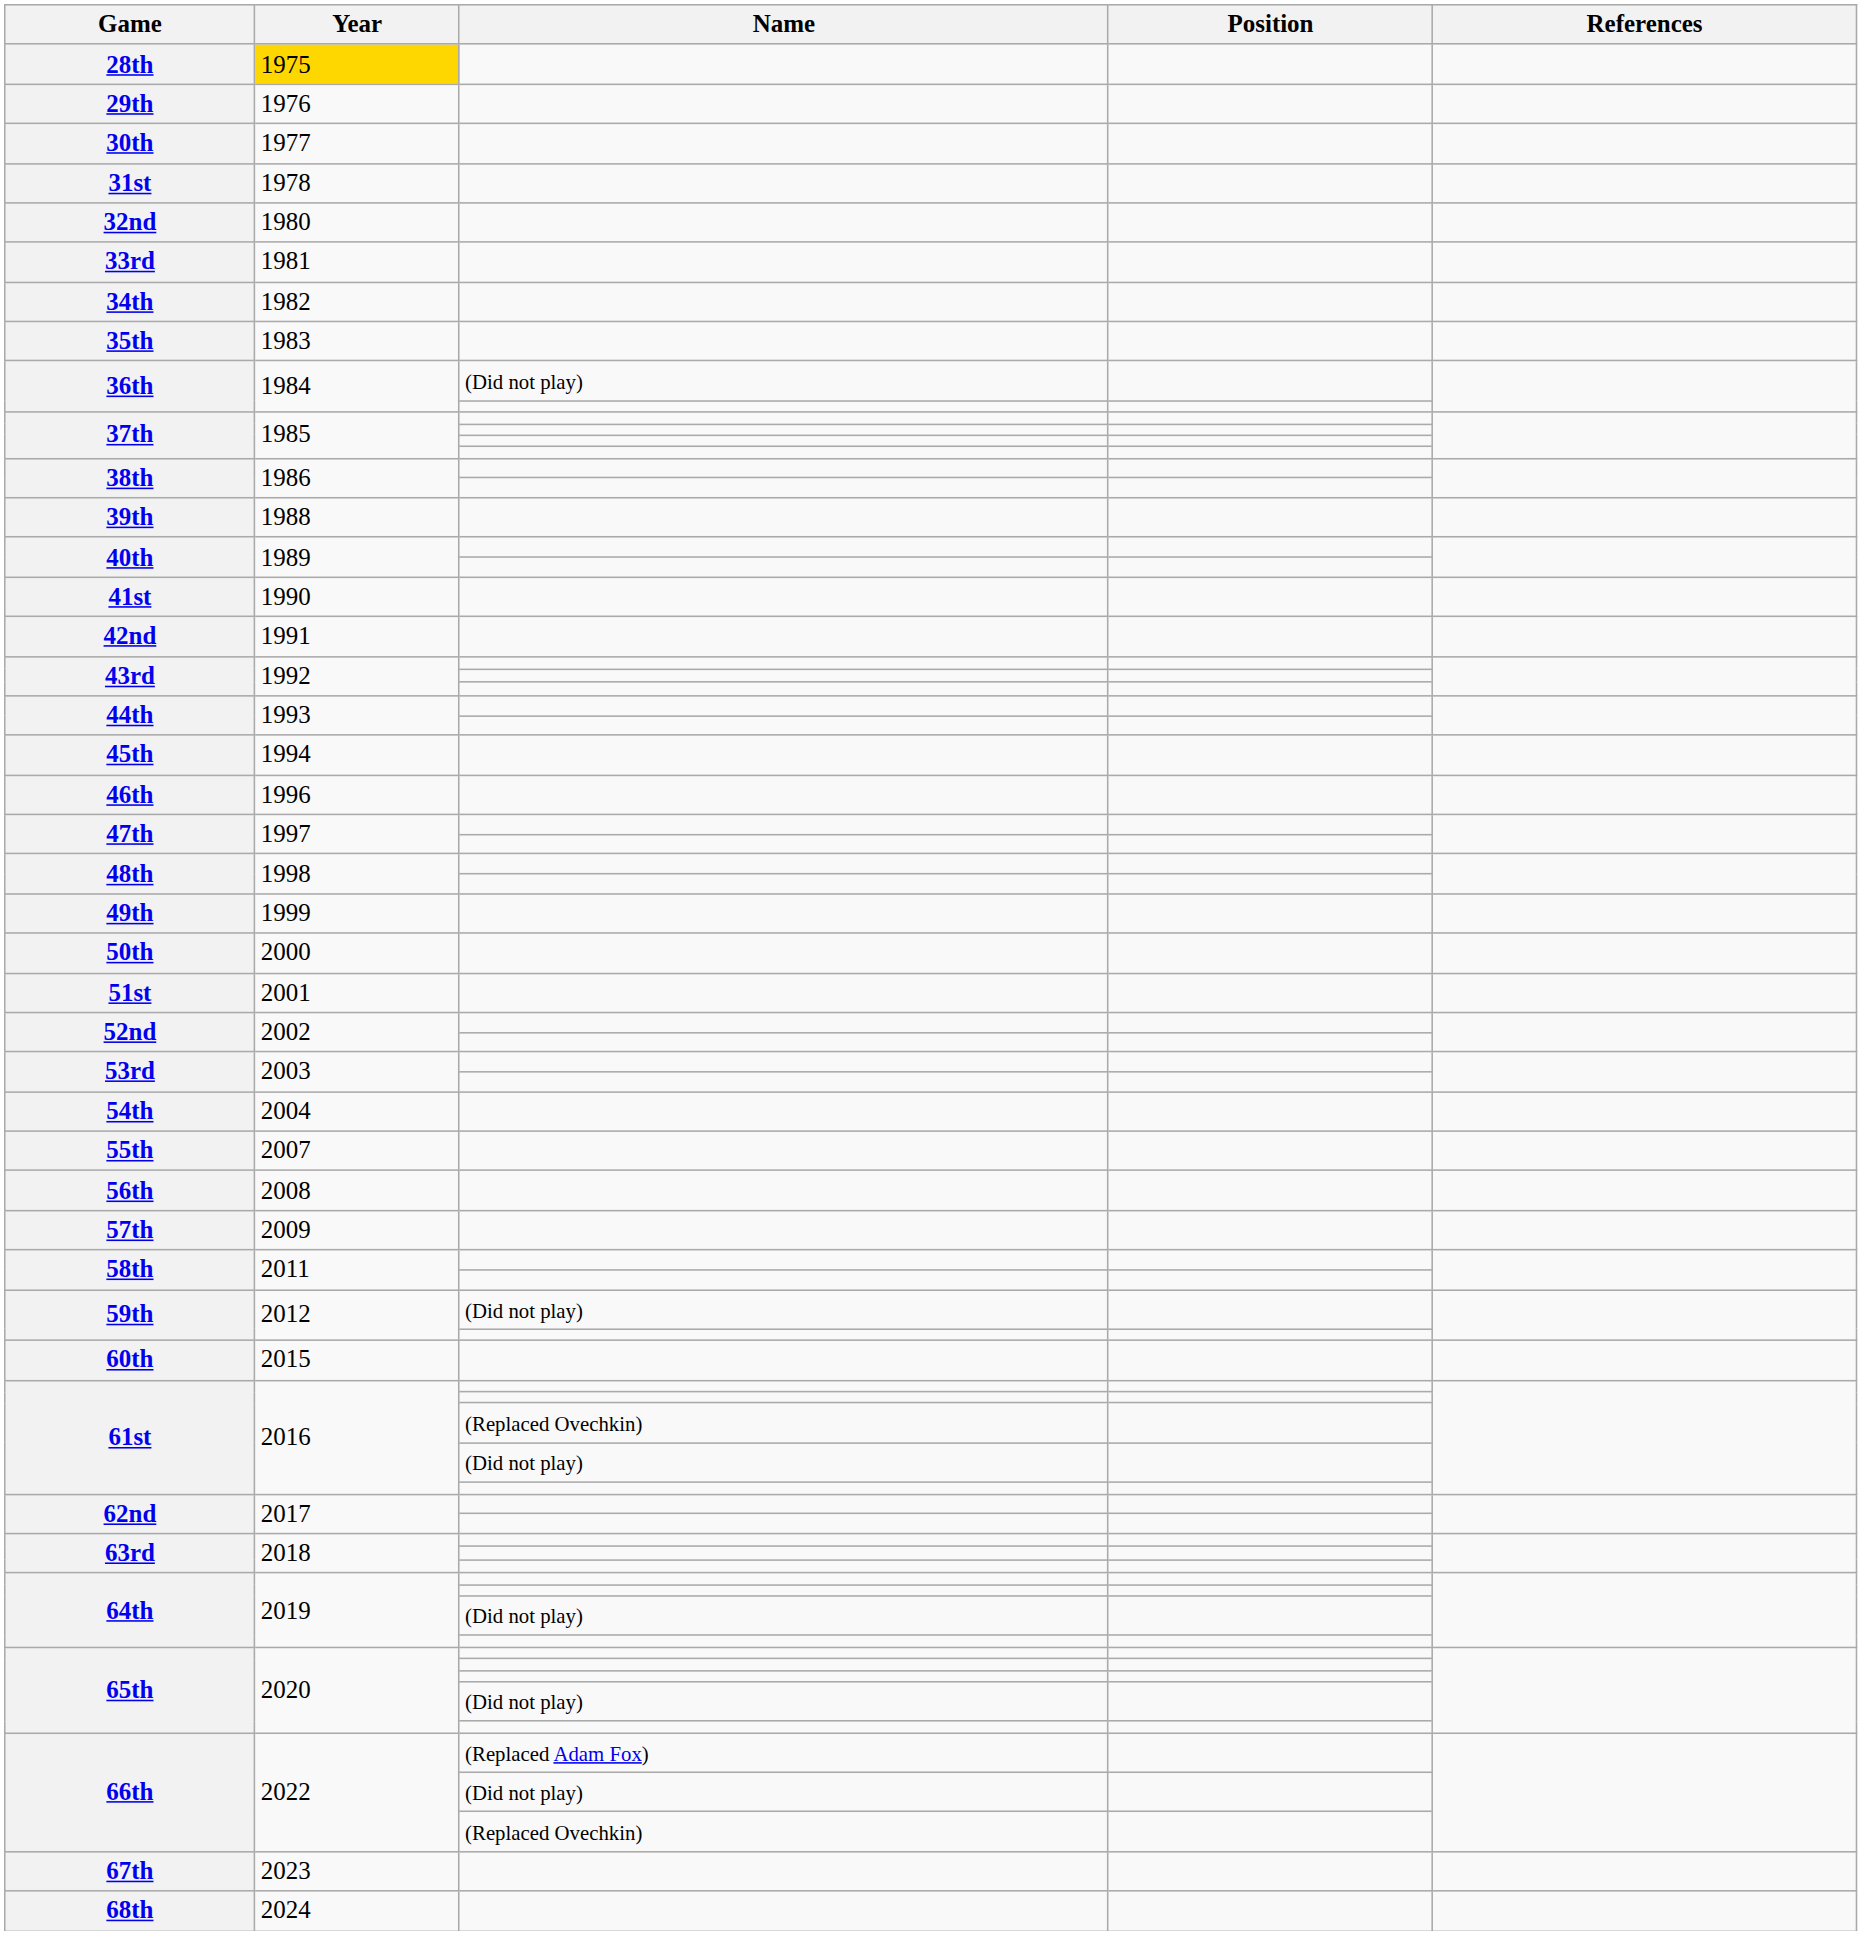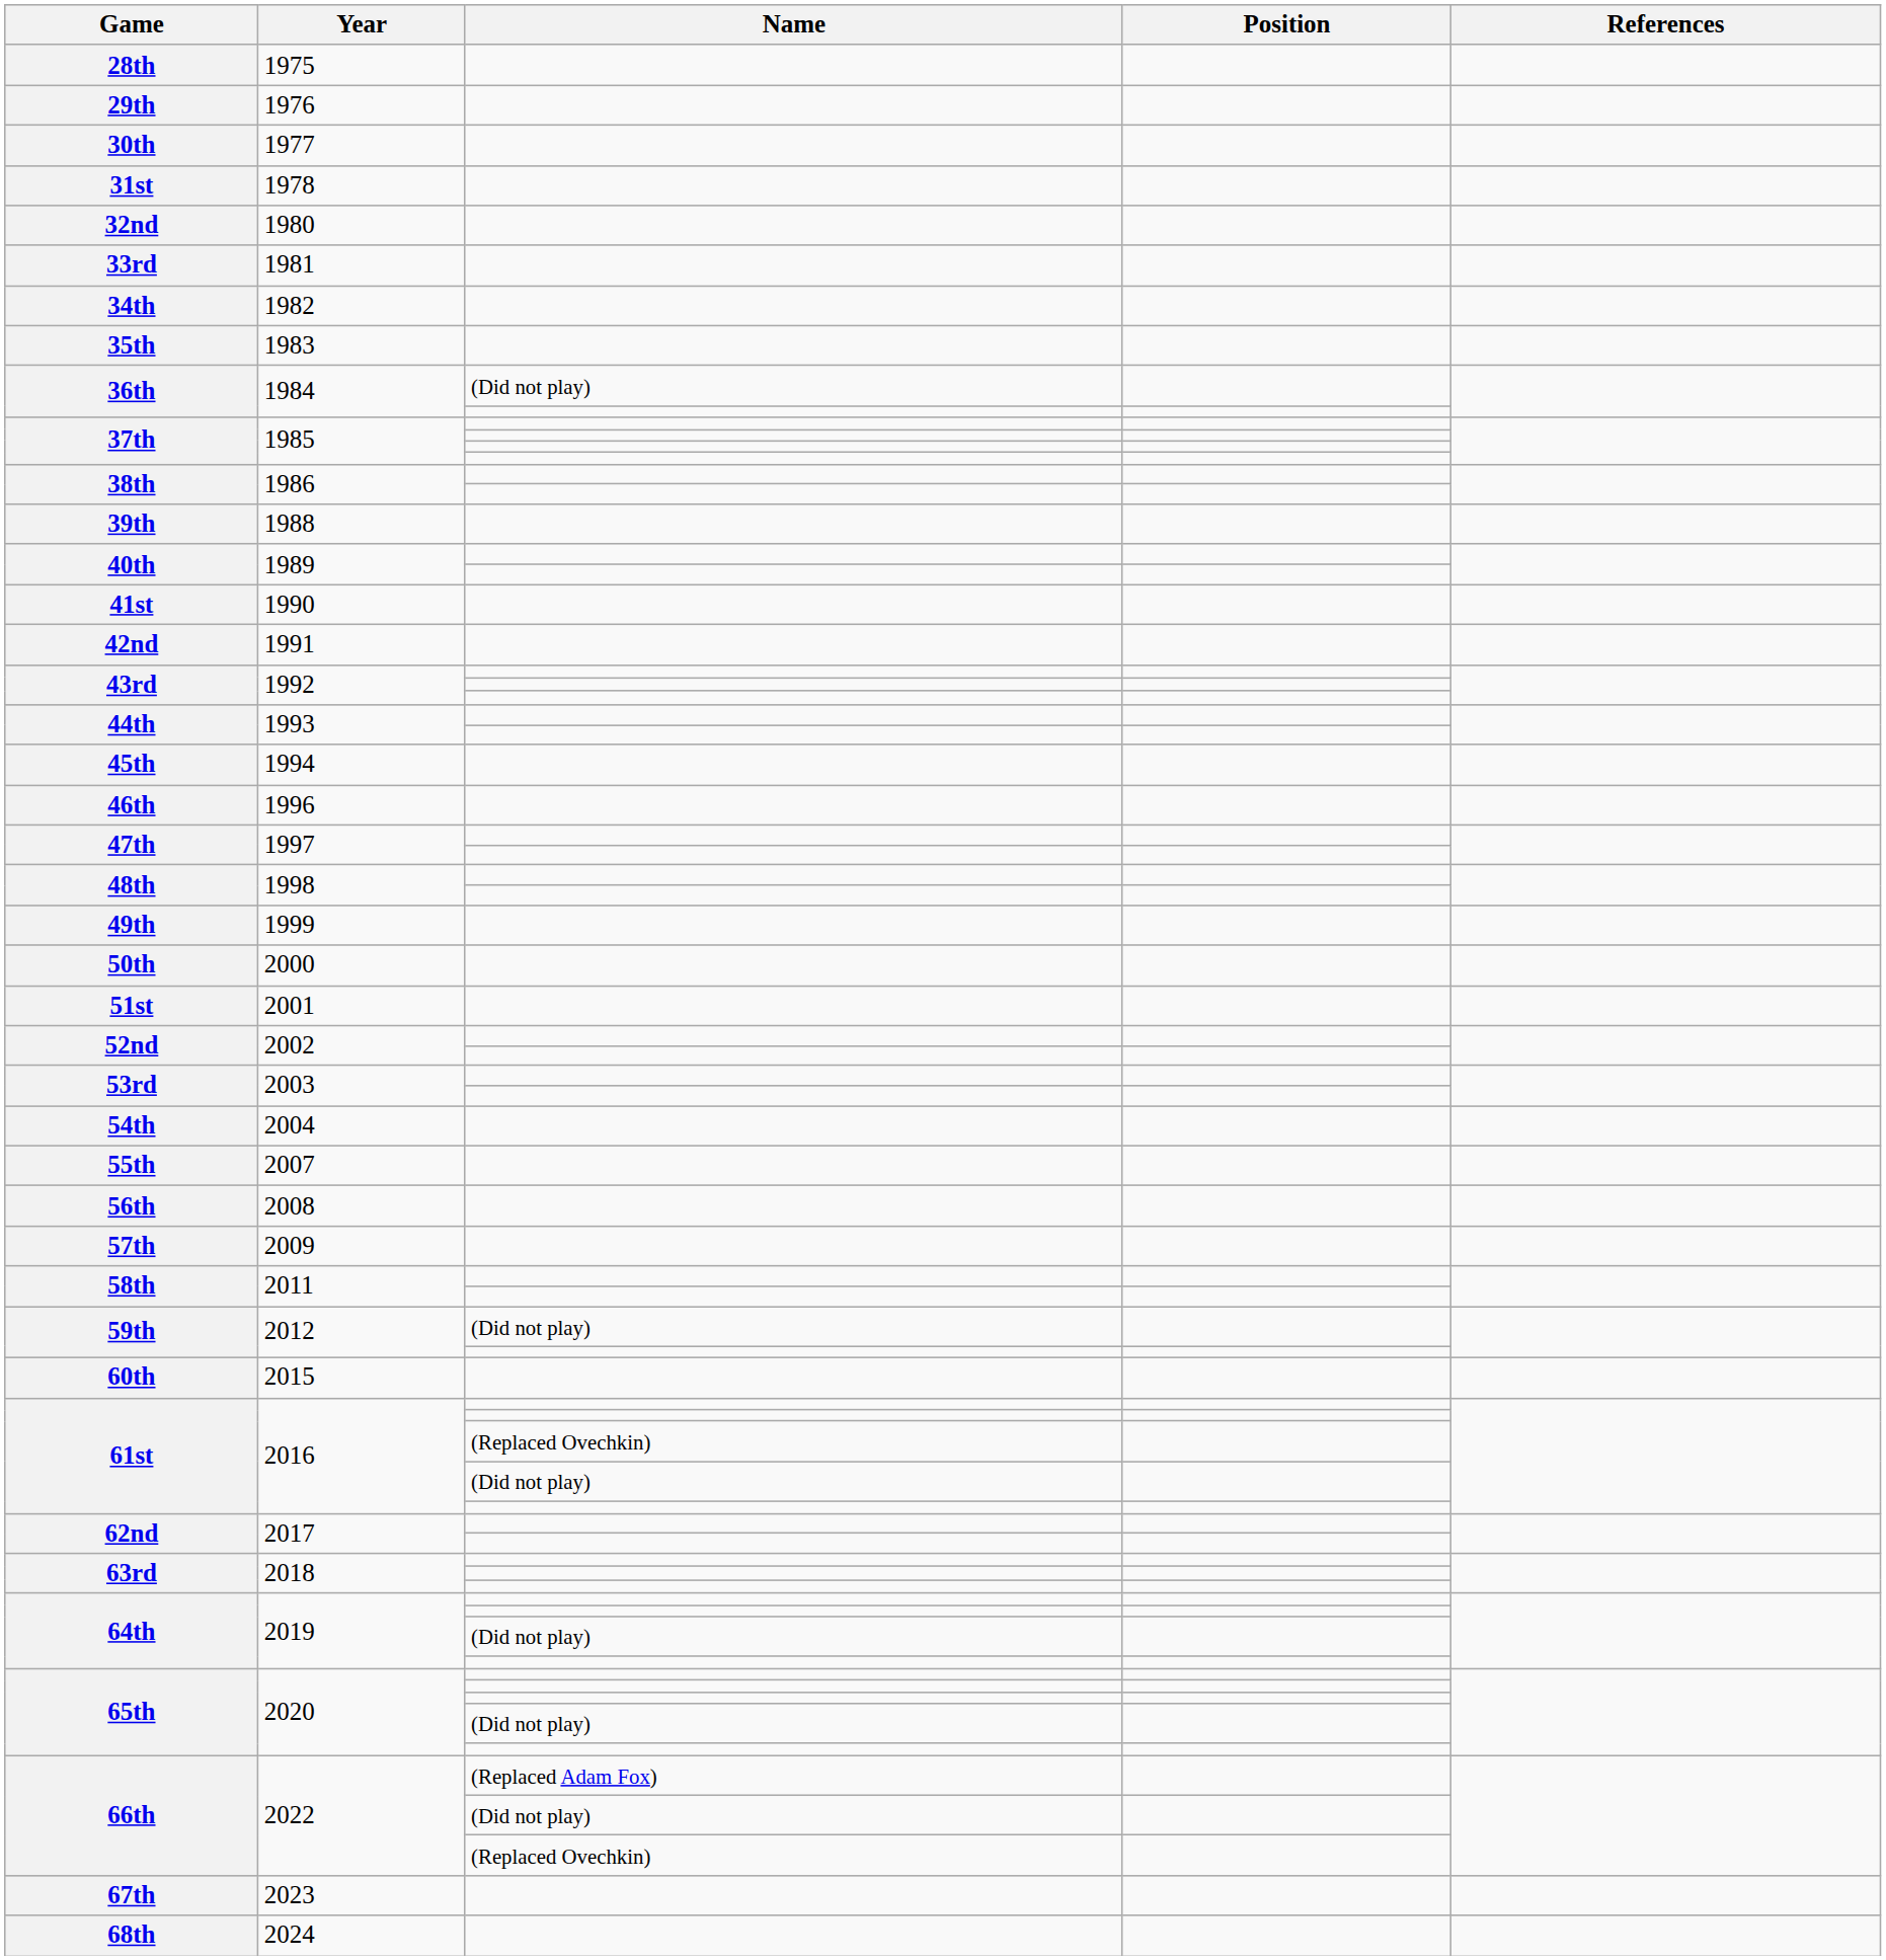 <table class="wikitable sortable" width="75%">
 <tr>
 <th scope="col">Game</th>
 <th scope="col">Year</th>
 <th scope="col">Name</th>
 <th scope="col">Position</th>
 <th scope="col" class="unsortable">References</th>
 </tr>
 <tr>
 <th scope="row"><a href='#'>28th</a></th>
-<td style="background: gold;">1975</td>
+<td>1975</td>
 <td></td>
 <td></td>
 <td></td>
 </tr>
 <tr>
 <th scope="row"><a href='#'>29th</a></th>
 <td>1976</td>
 <td></td>
 <td></td>
 <td></td>
 </tr>
 <tr>
 <th scope="row"><a href='#'>30th</a></th>
 <td>1977</td>
 <td></td>
 <td></td>
 <td></td>
 </tr>
 <tr>
 <th scope="row"><a href='#'>31st</a></th>
 <td>1978</td>
 <td></td>
 <td></td>
 <td></td>
 </tr>
 <tr>
 <th scope="row"><a href='#'>32nd</a></th>
 <td>1980</td>
 <td></td>
 <td></td>
 <td></td>
 </tr>
 <tr>
 <th scope="row"><a href='#'>33rd</a></th>
 <td>1981</td>
 <td></td>
 <td></td>
 <td></td>
 </tr>
 <tr>
 <th scope="row"><a href='#'>34th</a></th>
 <td>1982</td>
 <td></td>
 <td></td>
 <td></td>
 </tr>
 <tr>
 <th scope="row"><a href='#'>35th</a></th>
 <td>1983</td>
 <td></td>
 <td></td>
 <td></td>
 </tr>
 <tr>
 <th scope="row" rowspan="2"><a href='#'>36th</a></th>
 <td rowspan="2">1984</td>
 <td> <small>(Did not play)</small></td>
 <td></td>
 <td rowspan="2"></td>
 </tr>
 <tr>
 <td></td>
 <td></td>
 </tr>
 <tr>
 <th scope="row" rowspan="4"><a href='#'>37th</a></th>
 <td rowspan="4">1985</td>
 <td></td>
 <td></td>
 <td rowspan="4"></td>
 </tr>
 <tr>
 <td></td>
 <td></td>
 </tr>
 <tr>
 <td></td>
 <td></td>
 </tr>
 <tr>
 <td></td>
 <td></td>
 </tr>
 <tr>
 <th scope="row" rowspan="2"><a href='#'>38th</a></th>
 <td rowspan="2">1986</td>
 <td></td>
 <td></td>
 <td rowspan="2"></td>
 </tr>
 <tr>
 <td></td>
 <td></td>
 </tr>
 <tr>
 <th scope="row"><a href='#'>39th</a></th>
 <td>1988</td>
 <td></td>
 <td></td>
 <td></td>
 </tr>
 <tr>
 <th scope="row" rowspan="2"><a href='#'>40th</a></th>
 <td rowspan="2">1989</td>
 <td></td>
 <td></td>
 <td rowspan="2"></td>
 </tr>
 <tr>
 <td></td>
 <td></td>
 </tr>
 <tr>
 <th scope="row"><a href='#'>41st</a></th>
 <td>1990</td>
 <td></td>
 <td></td>
 <td></td>
 </tr>
 <tr>
 <th scope="row"><a href='#'>42nd</a></th>
 <td>1991</td>
 <td></td>
 <td></td>
 <td></td>
 </tr>
 <tr>
 <th scope="row" rowspan="3"><a href='#'>43rd</a></th>
 <td rowspan="3">1992</td>
 <td></td>
 <td></td>
 <td rowspan="3"></td>
 </tr>
 <tr>
 <td></td>
 <td></td>
 </tr>
 <tr>
 <td></td>
 <td></td>
 </tr>
 <tr>
 <th scope="row" rowspan="2"><a href='#'>44th</a></th>
 <td rowspan="2">1993</td>
 <td></td>
 <td></td>
 <td rowspan="2"></td>
 </tr>
 <tr>
 <td></td>
 <td></td>
 </tr>
 <tr>
 <th scope="row"><a href='#'>45th</a></th>
 <td>1994</td>
 <td></td>
 <td></td>
 <td></td>
 </tr>
 <tr>
 <th scope="row"><a href='#'>46th</a></th>
 <td>1996</td>
 <td></td>
 <td></td>
 <td></td>
 </tr>
 <tr>
 <th scope="row" rowspan="2"><a href='#'>47th</a></th>
 <td rowspan="2">1997</td>
 <td></td>
 <td></td>
 <td rowspan="2"></td>
 </tr>
 <tr>
 <td></td>
 <td></td>
 </tr>
 <tr>
 <th scope="row" rowspan="2"><a href='#'>48th</a></th>
 <td rowspan="2">1998</td>
 <td></td>
 <td></td>
 <td rowspan="2"></td>
 </tr>
 <tr>
 <td></td>
 <td></td>
 </tr>
 <tr>
 <th scope="row"><a href='#'>49th</a></th>
 <td>1999</td>
 <td></td>
 <td></td>
 <td></td>
 </tr>
 <tr>
 <th scope="row"><a href='#'>50th</a></th>
 <td>2000</td>
 <td></td>
 <td></td>
 <td></td>
 </tr>
 <tr>
 <th scope="row"><a href='#'>51st</a></th>
 <td>2001</td>
 <td></td>
 <td></td>
 <td></td>
 </tr>
 <tr>
 <th scope="row" rowspan="2"><a href='#'>52nd</a></th>
 <td rowspan="2">2002</td>
 <td></td>
 <td></td>
 <td rowspan="2"></td>
 </tr>
 <tr>
 <td></td>
 <td></td>
 </tr>
 <tr>
 <th scope="row" rowspan="2"><a href='#'>53rd</a></th>
 <td rowspan="2">2003</td>
 <td></td>
 <td></td>
 <td rowspan="2"></td>
 </tr>
 <tr>
 <td></td>
 <td></td>
 </tr>
 <tr>
 <th scope="row"><a href='#'>54th</a></th>
 <td>2004</td>
 <td></td>
 <td></td>
 <td></td>
 </tr>
 <tr>
 <th scope="row"><a href='#'>55th</a></th>
 <td>2007</td>
 <td></td>
 <td></td>
 <td></td>
 </tr>
 <tr>
 <th scope="row"><a href='#'>56th</a></th>
 <td>2008</td>
 <td></td>
 <td></td>
 <td></td>
 </tr>
 <tr>
 <th scope="row"><a href='#'>57th</a></th>
 <td>2009</td>
 <td></td>
 <td></td>
 <td></td>
 </tr>
 <tr>
 <th scope="row" rowspan="2"><a href='#'>58th</a></th>
 <td rowspan="2">2011</td>
 <td></td>
 <td></td>
 <td rowspan="2"></td>
 </tr>
 <tr>
 <td></td>
 <td></td>
 </tr>
 <tr>
 <th scope="row" rowspan="2"><a href='#'>59th</a></th>
 <td rowspan="2">2012</td>
 <td> <small>(Did not play)</small></td>
 <td></td>
 <td rowspan="2"></td>
 </tr>
 <tr>
 <td></td>
 <td></td>
 </tr>
 <tr>
 <th scope="row"><a href='#'>60th</a></th>
 <td>2015</td>
 <td></td>
 <td></td>
 <td></td>
 </tr>
 <tr>
 <th scope="row" rowspan="5"><a href='#'>61st</a></th>
 <td rowspan="5">2016</td>
 <td></td>
 <td></td>
 <td rowspan="5"></td>
 </tr>
 <tr>
 <td></td>
 <td></td>
 </tr>
 <tr>
 <td> <small>(Replaced Ovechkin)</small></td>
 <td></td>
 </tr>
 <tr>
 <td> <small>(Did not play)</small></td>
 <td></td>
 </tr>
 <tr>
 <td></td>
 <td></td>
 </tr>
 <tr>
 <th scope="row" rowspan="2"><a href='#'>62nd</a></th>
 <td rowspan="2">2017</td>
 <td></td>
 <td></td>
 <td rowspan="2"></td>
 </tr>
 <tr>
 <td></td>
 <td></td>
 </tr>
 <tr>
 <th scope="row" rowspan="3"><a href='#'>63rd</a></th>
 <td rowspan="3">2018</td>
 <td></td>
 <td></td>
 <td rowspan="3"></td>
 </tr>
 <tr>
 <td></td>
 <td></td>
 </tr>
 <tr>
 <td></td>
 <td></td>
 </tr>
 <tr>
 <th scope="row" rowspan="4"><a href='#'>64th</a></th>
 <td rowspan="4">2019</td>
 <td></td>
 <td></td>
 <td rowspan="4"></td>
 </tr>
 <tr>
 <td></td>
 <td></td>
 </tr>
 <tr>
 <td><small> (Did not play)</small></td>
 <td></td>
 </tr>
 <tr>
 <td></td>
 <td></td>
 </tr>
 <tr>
 <th scope="row" rowspan="5"><a href='#'>65th</a></th>
 <td rowspan="5">2020</td>
 <td></td>
 <td></td>
 <td rowspan="5"></td>
 </tr>
 <tr>
 <td></td>
 <td></td>
 </tr>
 <tr>
 <td></td>
 <td></td>
 </tr>
 <tr>
 <td><small> (Did not play)</small></td>
 <td></td>
 </tr>
 <tr>
 <td></td>
 <td></td>
 </tr>
 <tr>
 <th scope="row" rowspan="3"><a href='#'>66th</a></th>
 <td rowspan="3">2022</td>
 <td> <small>(Replaced <a href='#'>Adam Fox</a>)</small></td>
 <td></td>
 <td rowspan="3"></td>
 </tr>
 <tr>
 <td> <small>(Did not play)</small></td>
 <td></td>
 </tr>
 <tr>
 <td> <small>(Replaced Ovechkin)</small></td>
 <td></td>
 </tr>
 <tr>
 <th scope="row"><a href='#'>67th</a></th>
 <td>2023</td>
 <td></td>
 <td></td>
 <td></td>
 </tr>
 <tr>
 <th scope="row"><a href='#'>68th</a></th>
 <td>2024</td>
 <td></td>
 <td></td>
 <td></td>
 </tr>
 </table>
